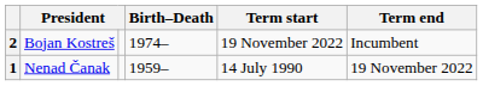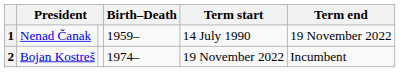 <table class="wikitable">
 <tr>
 <th></th>
 <th colspan="2">President</th>
 <th>Birth–Death</th>
 <th>Term start</th>
 <th>Term end</th>
 </tr>
 <tr>
+<th style="background:">1</th>
+<td><a href='#'>Nenad Čanak</a></td>
+<td></td>
+<td>1959–</td>
+<td>14 July 1990</td>
+<td>19 November 2022</td>
+</tr>
+<tr>
 <th style="background:">2</th>
 <td><a href='#'>Bojan Kostreš</a></td>
 <td></td>
 <td>1974–</td>
 <td>19 November 2022</td>
 <td>Incumbent</td>
 </tr>
-<tr>
-<th style="background:">1</th>
-<td><a href='#'>Nenad Čanak</a></td>
-<td></td>
-<td>1959–</td>
-<td>14 July 1990</td>
-<td>19 November 2022</td>
-</tr>
 </table>
